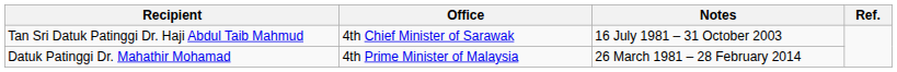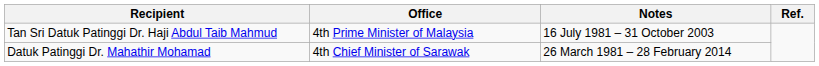 <table class="wikitable">
 <tr>
 <th width=400>Recipient</th>
 <th width=300>Office</th>
 <th width=300>Notes</th>
 <th width=50>Ref.</th>
 </tr>
 <tr>
 <td>Tan Sri Datuk Patinggi Dr. Haji <a href='#'>Abdul Taib Mahmud</a></td>
-<td>4th <a href='#'>Chief Minister of Sarawak</a></td>
+<td>4th <a href='#'>Prime Minister of Malaysia</a></td>
 <td>16 July 1981 – 31 October 2003</td>
 <td rowspan="2" align=center></td>
 </tr>
 <tr>
 <td>Datuk Patinggi Dr. <a href='#'>Mahathir Mohamad</a></td>
-<td>4th <a href='#'>Prime Minister of Malaysia</a></td>
+<td>4th <a href='#'>Chief Minister of Sarawak</a></td>
 <td>26 March 1981 – 28 February 2014</td>
 </tr>
 </table>
